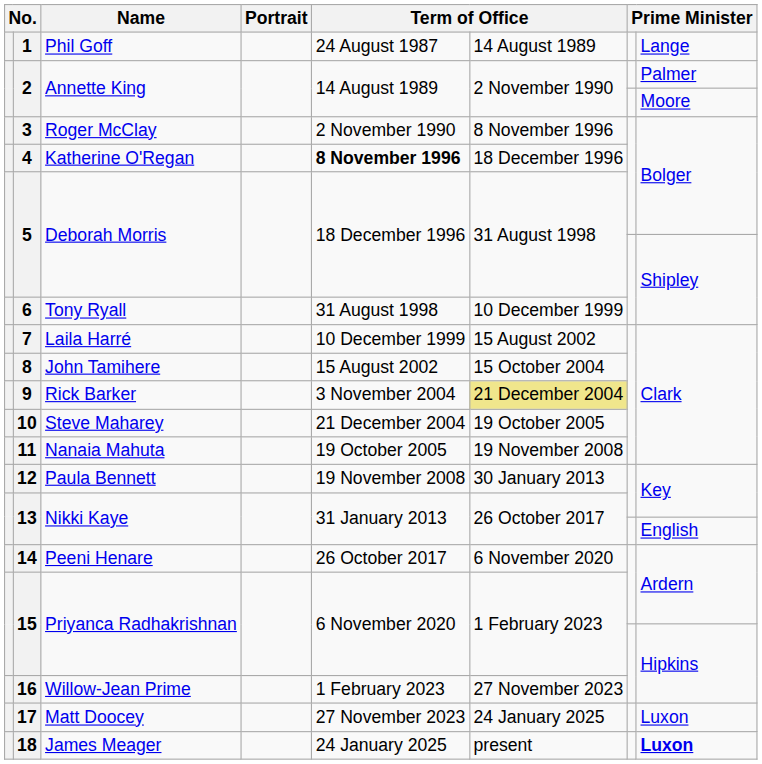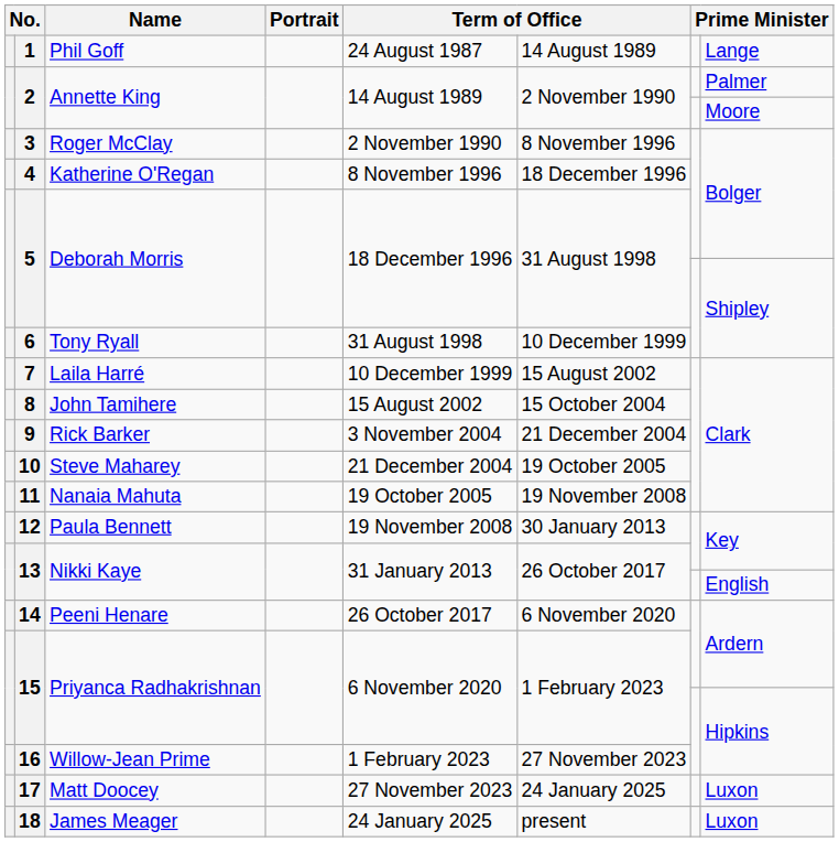 <table class="wikitable">
 <tr>
 <th colspan=2>No.</th>
 <th>Name</th>
 <th>Portrait</th>
 <th colspan=2>Term of Office</th>
 <th colspan=2>Prime Minister</th>
 </tr>
 <tr>
 <th style="color:inherit;background:"></th>
 <th>1</th>
 <td><a href='#'>Phil Goff</a></td>
 <td></td>
 <td>24 August 1987</td>
 <td>14 August 1989</td>
 <td width=1 style="color:inherit;background:"></td>
 <td><a href='#'>Lange</a></td>
 </tr>
 <tr>
 <th height=15 style="border-bottom:solid 0 grey; background:"></th>
 <th rowspan=2>2</th>
 <td rowspan=2><a href='#'>Annette King</a></td>
 <td rowspan=2></td>
 <td rowspan=2>14 August 1989</td>
 <td rowspan=2>2 November 1990</td>
 <td height=15 style="color:inherit;background:"></td>
 <td><a href='#'>Palmer</a></td>
 </tr>
 <tr>
 <th height=15 style="border-top:solid 0 grey; background:"></th>
 <td style="color:inherit;background:"></td>
 <td><a href='#'>Moore</a></td>
 </tr>
 <tr>
 <th style="color:inherit;background:"></th>
 <th>3</th>
 <td><a href='#'>Roger McClay</a></td>
 <td></td>
 <td>2 November 1990</td>
 <td>8 November 1996</td>
 <td rowspan=3 style="color:inherit;background:"></td>
 <td rowspan=3><a href='#'>Bolger</a></td>
 </tr>
 <tr>
 <th style="color:inherit;background:"></th>
 <th>4</th>
 <td><a href='#'>Katherine O'Regan</a></td>
 <td></td>
-<td><strong>8 November 1996</strong></td>
+<td>8 November 1996</td>
 <td>18 December 1996</td>
 </tr>
 <tr>
 <th height=50 style="border-bottom:solid 0 grey; background:"></th>
 <th rowspan="2">5</th>
 <td rowspan="2"><a href='#'>Deborah Morris</a></td>
 <td rowspan="2"></td>
 <td rowspan="2">18 December 1996</td>
 <td rowspan="2">31 August 1998</td>
 </tr>
 <tr>
 <th height=50 style="border-top:solid 0 grey; background:"></th>
 <td rowspan=2 style="color:inherit;background:"></td>
 <td rowspan=2><a href='#'>Shipley</a></td>
 </tr>
 <tr>
 <th style="color:inherit;background:"></th>
 <th>6</th>
 <td><a href='#'>Tony Ryall</a></td>
 <td></td>
 <td>31 August 1998</td>
 <td>10 December 1999</td>
 </tr>
 <tr>
 <th style="color:inherit;background:"></th>
 <th>7</th>
 <td><a href='#'>Laila Harré</a></td>
 <td></td>
 <td>10 December 1999</td>
 <td>15 August 2002</td>
 <td rowspan=5 style="color:inherit;background:"></td>
 <td rowspan=5><a href='#'>Clark</a></td>
 </tr>
 <tr>
 <th style="color:inherit;background:"></th>
 <th>8</th>
 <td><a href='#'>John Tamihere</a></td>
 <td></td>
 <td>15 August 2002</td>
 <td>15 October 2004</td>
 </tr>
 <tr>
 <th style="color:inherit;background:"></th>
 <th>9</th>
 <td><a href='#'>Rick Barker</a></td>
 <td></td>
 <td>3 November 2004</td>
-<td style="background: khaki;">21 December 2004</td>
+<td>21 December 2004</td>
 </tr>
 <tr>
 <th style="color:inherit;background:"></th>
 <th>10</th>
 <td><a href='#'>Steve Maharey</a></td>
 <td></td>
 <td>21 December 2004</td>
 <td>19 October 2005</td>
 </tr>
 <tr>
 <th style="color:inherit;background:"></th>
 <th>11</th>
 <td><a href='#'>Nanaia Mahuta</a></td>
 <td></td>
 <td>19 October 2005</td>
 <td>19 November 2008</td>
 </tr>
 <tr>
 <th style="color:inherit;background:"></th>
 <th>12</th>
 <td><a href='#'>Paula Bennett</a></td>
 <td></td>
 <td>19 November 2008</td>
 <td>30 January 2013</td>
 <td rowspan=2 style="color:inherit;background:"></td>
 <td rowspan=2><a href='#'>Key</a></td>
 </tr>
 <tr>
 <th height=15 style="border-bottom:solid 0 grey; background:"></th>
 <th rowspan="2">13</th>
 <td rowspan="2"><a href='#'>Nikki Kaye</a></td>
 <td rowspan="2"></td>
 <td rowspan="2">31 January 2013</td>
 <td rowspan="2">26 October 2017</td>
 </tr>
 <tr>
 <th height=15 style="border-top:solid 0 grey; background:"></th>
 <td style="color:inherit;background:"></td>
 <td><a href='#'>English</a></td>
 </tr>
 <tr>
 <th style="color:inherit;background:"></th>
 <th>14</th>
 <td><a href='#'>Peeni Henare</a></td>
 <td></td>
 <td>26 October 2017</td>
 <td>6 November 2020</td>
 <td rowspan="2" style="color:inherit;background:"></td>
 <td rowspan="2"><a href='#'>Ardern</a></td>
 </tr>
 <tr>
 <th height=40 style="border-bottom:solid 0 grey; background:"></th>
 <th rowspan=2>15</th>
 <td rowspan=2><a href='#'>Priyanca Radhakrishnan</a></td>
 <td rowspan=2></td>
 <td rowspan=2>6 November 2020</td>
 <td rowspan=2>1 February 2023</td>
 </tr>
 <tr>
 <th height=40 style="border-top:solid 0 grey; background:"></th>
 <td rowspan=2 style="color:inherit;background:"></td>
 <td rowspan=2><a href='#'>Hipkins</a></td>
 </tr>
 <tr>
 <th style="color:inherit;background:"></th>
 <th>16</th>
 <td><a href='#'>Willow-Jean Prime</a></td>
 <td></td>
 <td>1 February 2023</td>
 <td>27 November 2023</td>
 </tr>
 <tr>
 <th style="color:inherit;background:"></th>
 <th>17</th>
 <td><a href='#'>Matt Doocey</a></td>
 <td></td>
 <td>27 November 2023</td>
 <td>24 January 2025</td>
 <td style="color:inherit;background:"></td>
 <td><a href='#'>Luxon</a></td>
 </tr>
 <tr>
 <th style="color:inherit;background:"></th>
 <th>18</th>
 <td><a href='#'>James Meager</a></td>
 <td></td>
 <td>24 January 2025</td>
 <td>present</td>
 <td style="color:inherit;background:"></td>
-<td><strong><a href='#'>Luxon</a></strong></td>
+<td><a href='#'>Luxon</a></td>
 </tr>
 </table>
